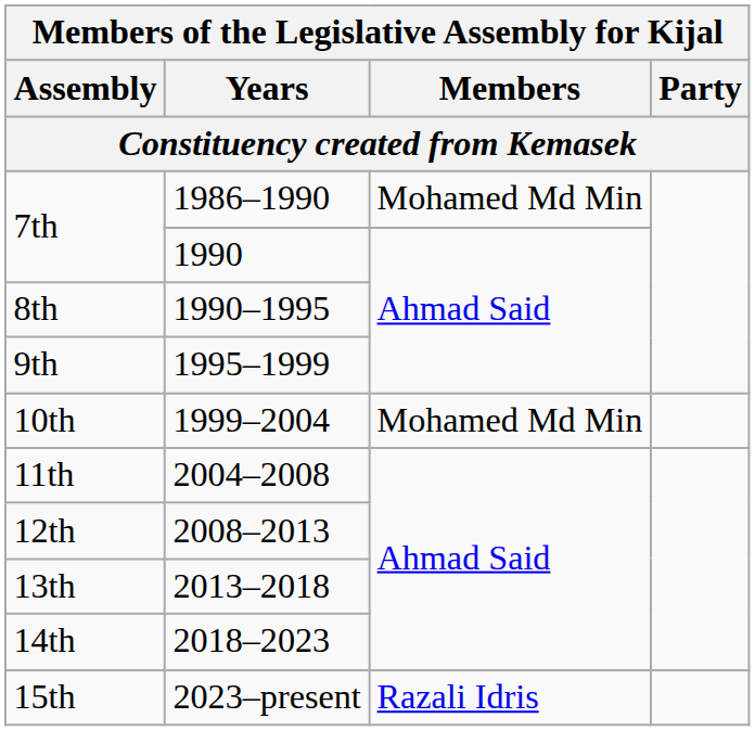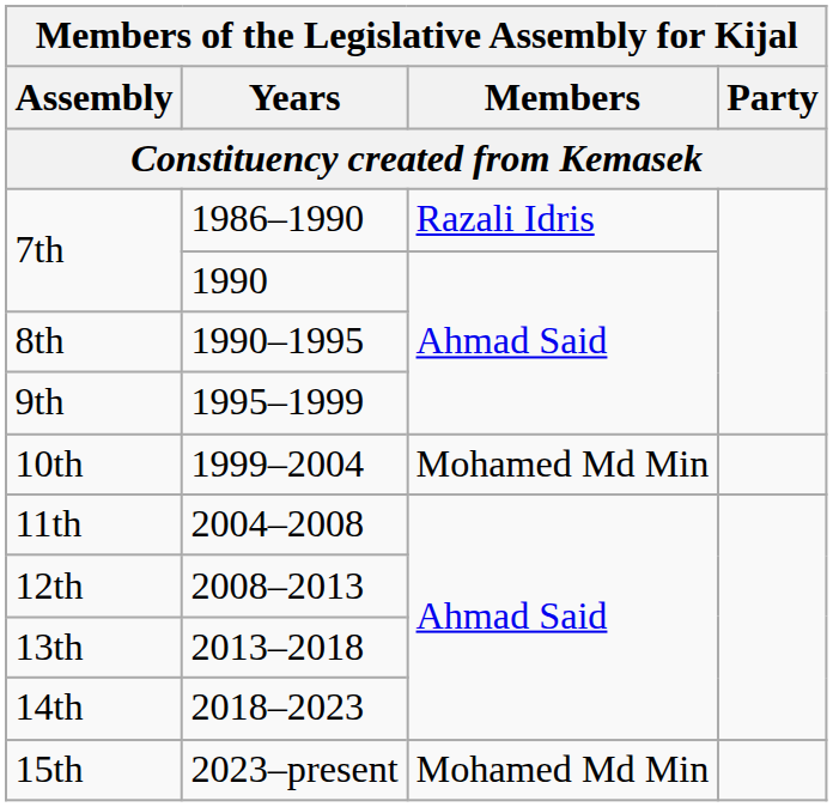 <table class="wikitable">
 <tr>
 <th colspan="4">Members of the Legislative Assembly for Kijal</th>
 </tr>
 <tr>
 <th>Assembly</th>
 <th>Years</th>
 <th>Members</th>
 <th>Party</th>
 </tr>
 <tr>
 <th colspan="4"><em>Constituency created from Kemasek</em></th>
 </tr>
 <tr>
 <td rowspan="2">7th</td>
 <td>1986–1990</td>
-<td>Mohamed Md Min</td>
+<td><a href='#'>Razali Idris</a></td>
 <td rowspan="4"></td>
 </tr>
 <tr>
 <td>1990</td>
 <td rowspan="3"><a href='#'>Ahmad Said</a></td>
 </tr>
 <tr>
 <td>8th</td>
 <td>1990–1995</td>
 </tr>
 <tr>
 <td>9th</td>
 <td>1995–1999</td>
 </tr>
 <tr>
 <td>10th</td>
 <td>1999–2004</td>
 <td>Mohamed Md Min</td>
 <td></td>
 </tr>
 <tr>
 <td>11th</td>
 <td>2004–2008</td>
 <td rowspan="4"><a href='#'>Ahmad Said</a></td>
 <td rowspan="4"></td>
 </tr>
 <tr>
 <td>12th</td>
 <td>2008–2013</td>
 </tr>
 <tr>
 <td>13th</td>
 <td>2013–2018</td>
 </tr>
 <tr>
 <td>14th</td>
 <td>2018–2023</td>
 </tr>
 <tr>
 <td>15th</td>
 <td>2023–present</td>
-<td><a href='#'>Razali Idris</a></td>
+<td>Mohamed Md Min</td>
 <td></td>
 </tr>
 </table>
